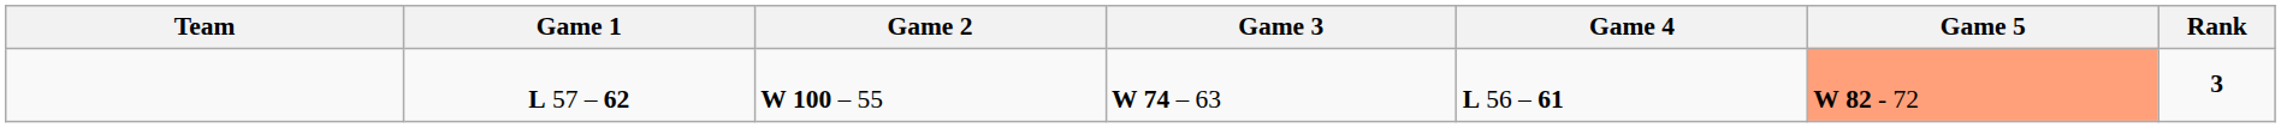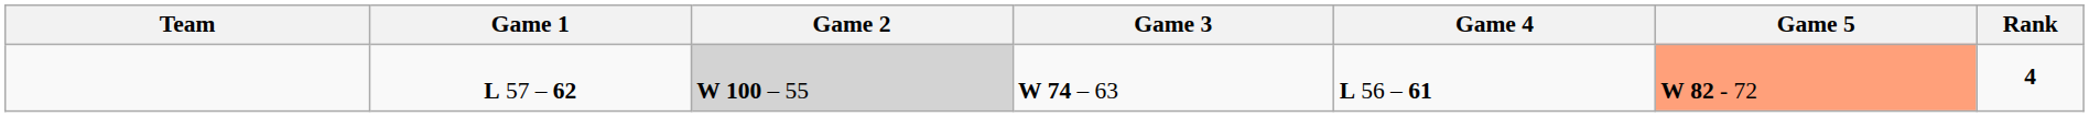 <table class="wikitable" width="80%" style="text-align:left; font-size:90%">
 <tr>
 <th width="17%">Team</th>
 <th width="15%">Game 1</th>
 <th width="15%">Game 2</th>
 <th width="15%">Game 3</th>
 <th width="15%">Game 4</th>
 <th width="15%">Game 5</th>
 <th width="5%">Rank</th>
 </tr>
 <tr>
 <td></td>
 <td style="text-align:center;"><br> <strong>L</strong> 57 – <strong>62</strong></td>
-<td><br> <strong>W</strong> <strong>100</strong> – 55</td>
+<td style="background: lightgrey;"><br> <strong>W</strong> <strong>100</strong> – 55</td>
 <td><br> <strong>W</strong> <strong>74</strong> – 63</td>
 <td><br> <strong>L</strong> 56 – <strong>61</strong></td>
 <td style="background: lightsalmon;"><br> <strong>W</strong> <strong>82</strong> - 72</td>
-<td align=center><strong>3</strong></td>
+<td align=center><strong>4</strong></td>
 </tr>
 </table>
